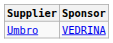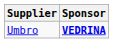 <table class="wikitable">
 <tr>
 <th>Supplier</th>
 <th>Sponsor</th>
 </tr>
 <tr>
 <td> <a href='#'>Umbro</a></td>
-<td> <a href='#'>VEDRINA</a></td>
+<td><strong> <a href='#'>VEDRINA</a></strong></td>
 </tr>
 </table>
